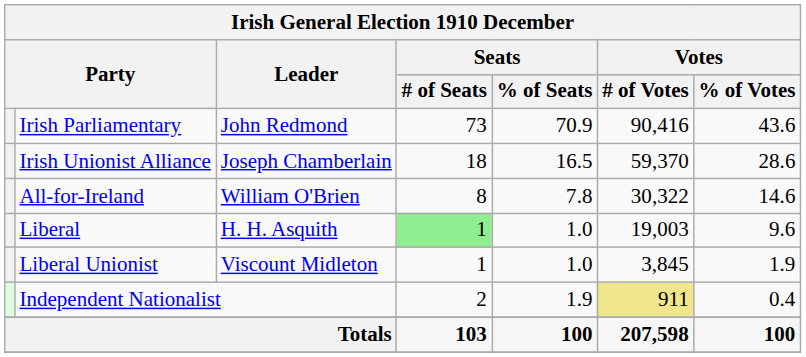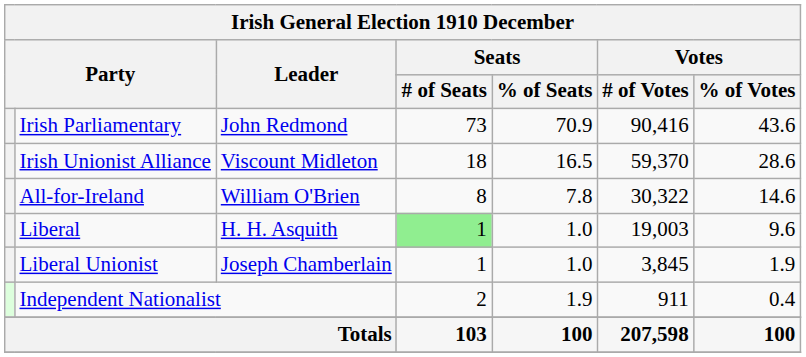 <table class="wikitable" style="font-size: 90%;">
 <tr>
 <th colspan="7">Irish General Election 1910 December</th>
 </tr>
 <tr>
 <th rowspan="2" colspan="2">Party</th>
 <th rowspan="2">Leader</th>
 <th colspan="2">Seats</th>
 <th colspan="2">Votes</th>
 </tr>
 <tr>
 <th># of Seats</th>
 <th>% of Seats</th>
 <th># of Votes</th>
 <th>% of Votes</th>
 </tr>
 <tr>
 <th style="background-color: "></th>
 <td><a href='#'>Irish Parliamentary</a></td>
 <td><a href='#'>John Redmond</a></td>
 <td align="right">73</td>
 <td align="right">70.9</td>
 <td align="right">90,416</td>
 <td align="right">43.6</td>
 </tr>
 <tr>
 <th style="background-color: "></th>
 <td><a href='#'>Irish Unionist Alliance</a></td>
-<td><a href='#'>Joseph Chamberlain</a></td>
+<td><a href='#'>Viscount Midleton</a></td>
 <td align="right">18</td>
 <td align="right">16.5</td>
 <td align="right">59,370</td>
 <td align="right">28.6</td>
 </tr>
 <tr>
 <th style="background-color: "></th>
 <td><a href='#'>All-for-Ireland</a></td>
 <td><a href='#'>William O'Brien</a></td>
 <td align="right">8</td>
 <td align="right">7.8</td>
 <td align="right">30,322</td>
 <td align="right">14.6</td>
 </tr>
 <tr>
 <th style="background-color: "></th>
 <td><a href='#'>Liberal</a></td>
 <td><a href='#'>H. H. Asquith</a></td>
 <td align="right" style="background: lightgreen;">1</td>
 <td align="right">1.0</td>
 <td align="right">19,003</td>
 <td align="right">9.6</td>
 </tr>
 <tr>
 <th style="background-color: "></th>
 <td><a href='#'>Liberal Unionist</a></td>
-<td><a href='#'>Viscount Midleton</a></td>
+<td><a href='#'>Joseph Chamberlain</a></td>
 <td align="right">1</td>
 <td align="right">1.0</td>
 <td align="right">3,845</td>
 <td align="right">1.9</td>
 </tr>
 <tr>
 <th style="background-color: #DDFFDD"></th>
 <td colspan="2"><a href='#'>Independent Nationalist</a></td>
 <td align="right">2</td>
 <td align="right">1.9</td>
-<td align="right" style="background: khaki;">911</td>
+<td align="right">911</td>
 <td align="right">0.4</td>
 </tr>
 <tr>
 </tr>
 <tr style="background-color:#F6F6F6">
 <th colspan="3" style="text-align:right">Totals</th>
 <td align="right"><strong>103</strong></td>
 <td align="right"><strong>100</strong></td>
 <td align="right"><strong>207,598</strong></td>
 <td align="right"><strong>100</strong></td>
 </tr>
 <tr>
 </tr>
 </table>
